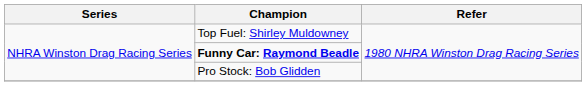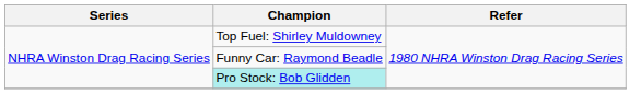 <table class="wikitable" style="font-size:87%;">
 <tr>
 <th>Series</th>
 <th>Champion</th>
 <th>Refer</th>
 </tr>
 <tr>
 <td rowspan=3><a href='#'>NHRA Winston Drag Racing Series</a></td>
 <td>Top Fuel:  <a href='#'>Shirley Muldowney</a></td>
 <td rowspan=3><em><a href='#'>1980 NHRA Winston Drag Racing Series</a></em></td>
 </tr>
 <tr>
-<td><strong>Funny Car:  <a href='#'>Raymond Beadle</a></strong></td>
+<td>Funny Car:  <a href='#'>Raymond Beadle</a></td>
 </tr>
 <tr>
-<td>Pro Stock:  <a href='#'>Bob Glidden</a></td>
+<td style="background: paleturquoise;">Pro Stock:  <a href='#'>Bob Glidden</a></td>
 </tr>
 <tr>
 </tr>
 </table>
